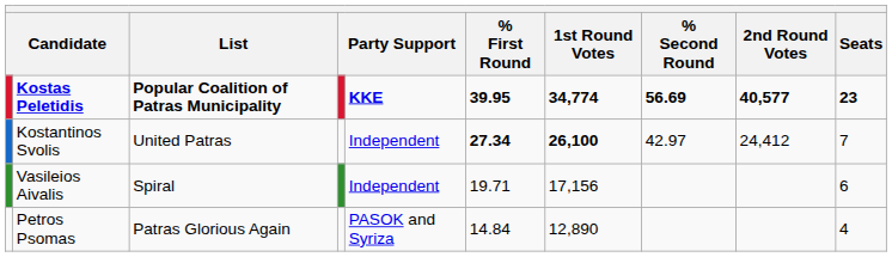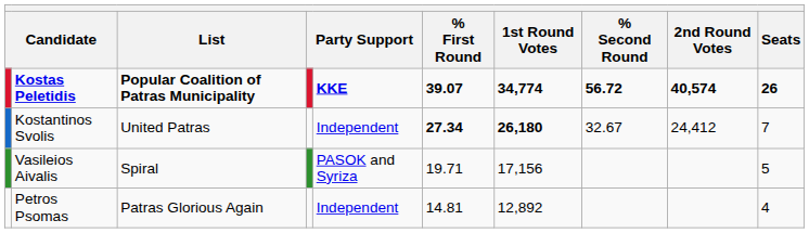 <table class="wikitable">
 <tr>
 <th colspan="10"></th>
 </tr>
 <tr>
 <th colspan="2">Candidate</th>
 <th>List</th>
 <th colspan="2">Party Support</th>
 <th>%<br>First Round</th>
 <th>1st Round Votes</th>
 <th>%<br>Second Round</th>
 <th>2nd Round Votes</th>
 <th>Seats</th>
 </tr>
 <tr>
 <td style="background-color:#DC142F"></td>
 <td><strong><a href='#'>Kostas Peletidis</a></strong></td>
 <td><strong>Popular Coalition of Patras Municipality</strong></td>
 <td style="background-color:#DC142F"></td>
 <td><a href='#'><strong>KKE</strong></a></td>
-<td><strong>39.95</strong></td>
+<td><strong>39.07</strong></td>
 <td><strong>34,774</strong></td>
-<td><strong>56.69</strong></td>
-<td><strong>40,577</strong></td>
-<td><strong>23</strong></td>
+<td><strong>56.72</strong></td>
+<td><strong>40,574</strong></td>
+<td><strong>26</strong></td>
 </tr>
 <tr>
 <td style="background-color:#1569C7"></td>
 <td>Kostantinos Svolis</td>
 <td>United Patras</td>
 <td style="background-color:"></td>
 <td><a href='#'>Independent</a></td>
 <td><strong>27.34</strong></td>
-<td><strong>26,100</strong></td>
-<td>42.97</td>
+<td><strong>26,180</strong></td>
+<td>32.67</td>
 <td>24,412</td>
 <td>7</td>
 </tr>
 <tr>
 <td style="background-color:#2D902D"></td>
 <td>Vasileios Aivalis</td>
 <td>Spiral</td>
 <td style="background-color:#2D902D"></td>
-<td><a href='#'>Independent</a></td>
+<td><a href='#'>PASOK</a> and <a href='#'>Syriza</a></td>
 <td>19.71</td>
 <td>17,156</td>
 <td></td>
 <td></td>
-<td>6</td>
+<td>5</td>
 </tr>
 <tr>
 <td style="background-color:"></td>
 <td>Petros Psomas</td>
 <td>Patras Glorious Again</td>
 <td style="background-color:"></td>
-<td><a href='#'>PASOK</a> and <a href='#'>Syriza</a></td>
-<td>14.84</td>
-<td>12,890</td>
+<td><a href='#'>Independent</a></td>
+<td>14.81</td>
+<td>12,892</td>
 <td></td>
 <td></td>
 <td>4</td>
 </tr>
 </table>
